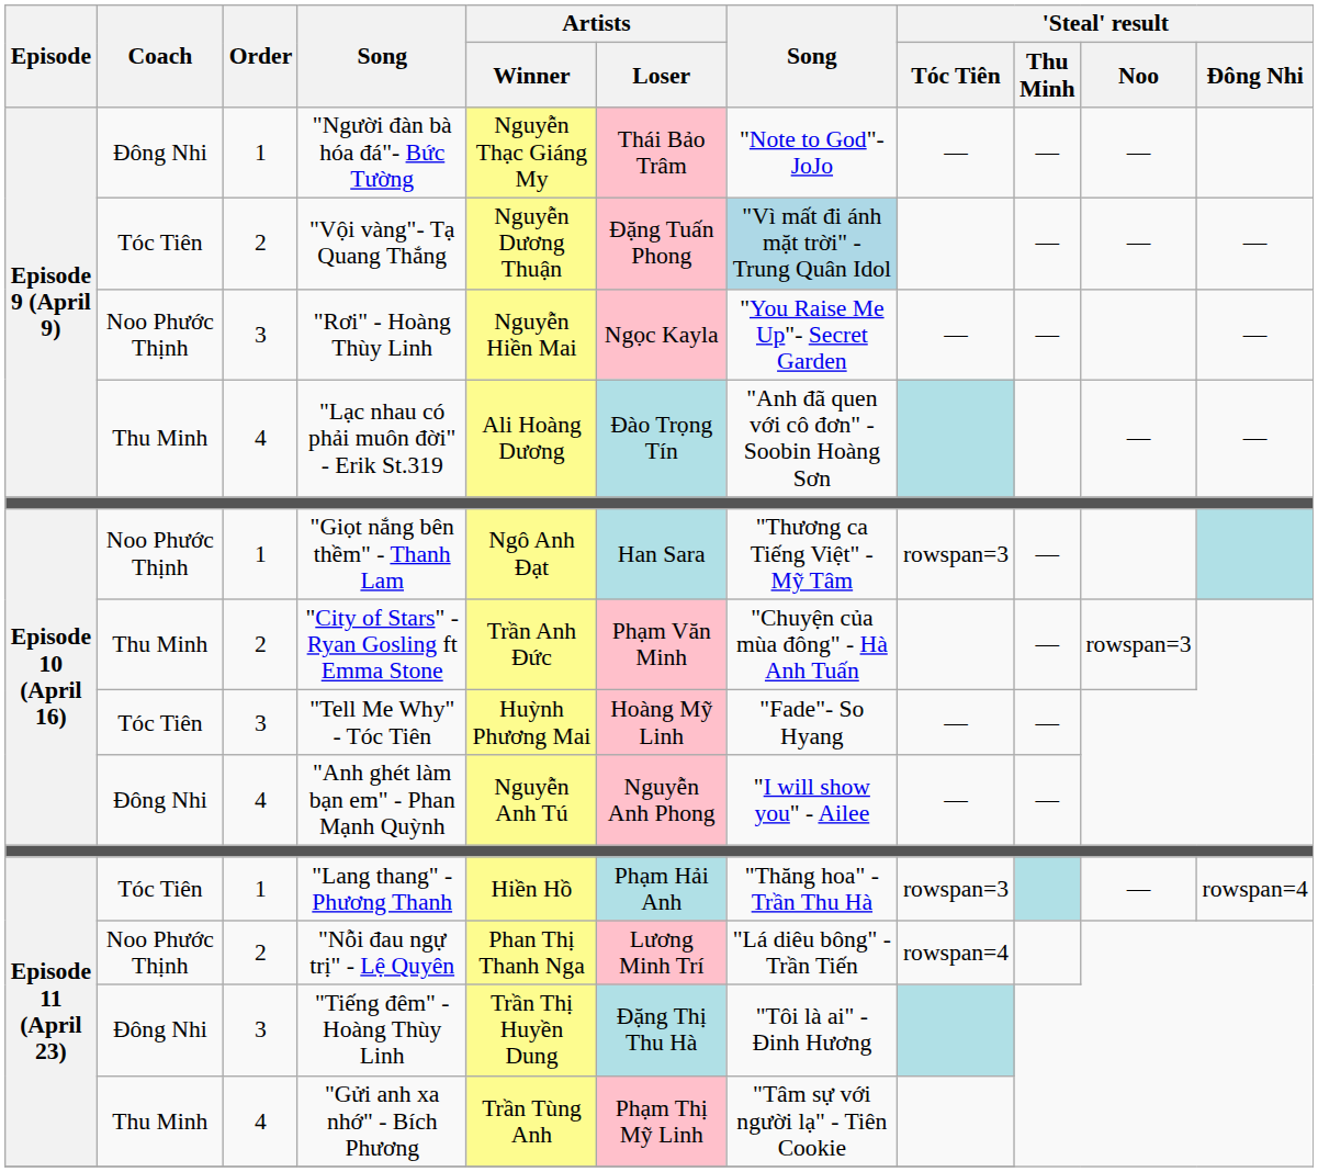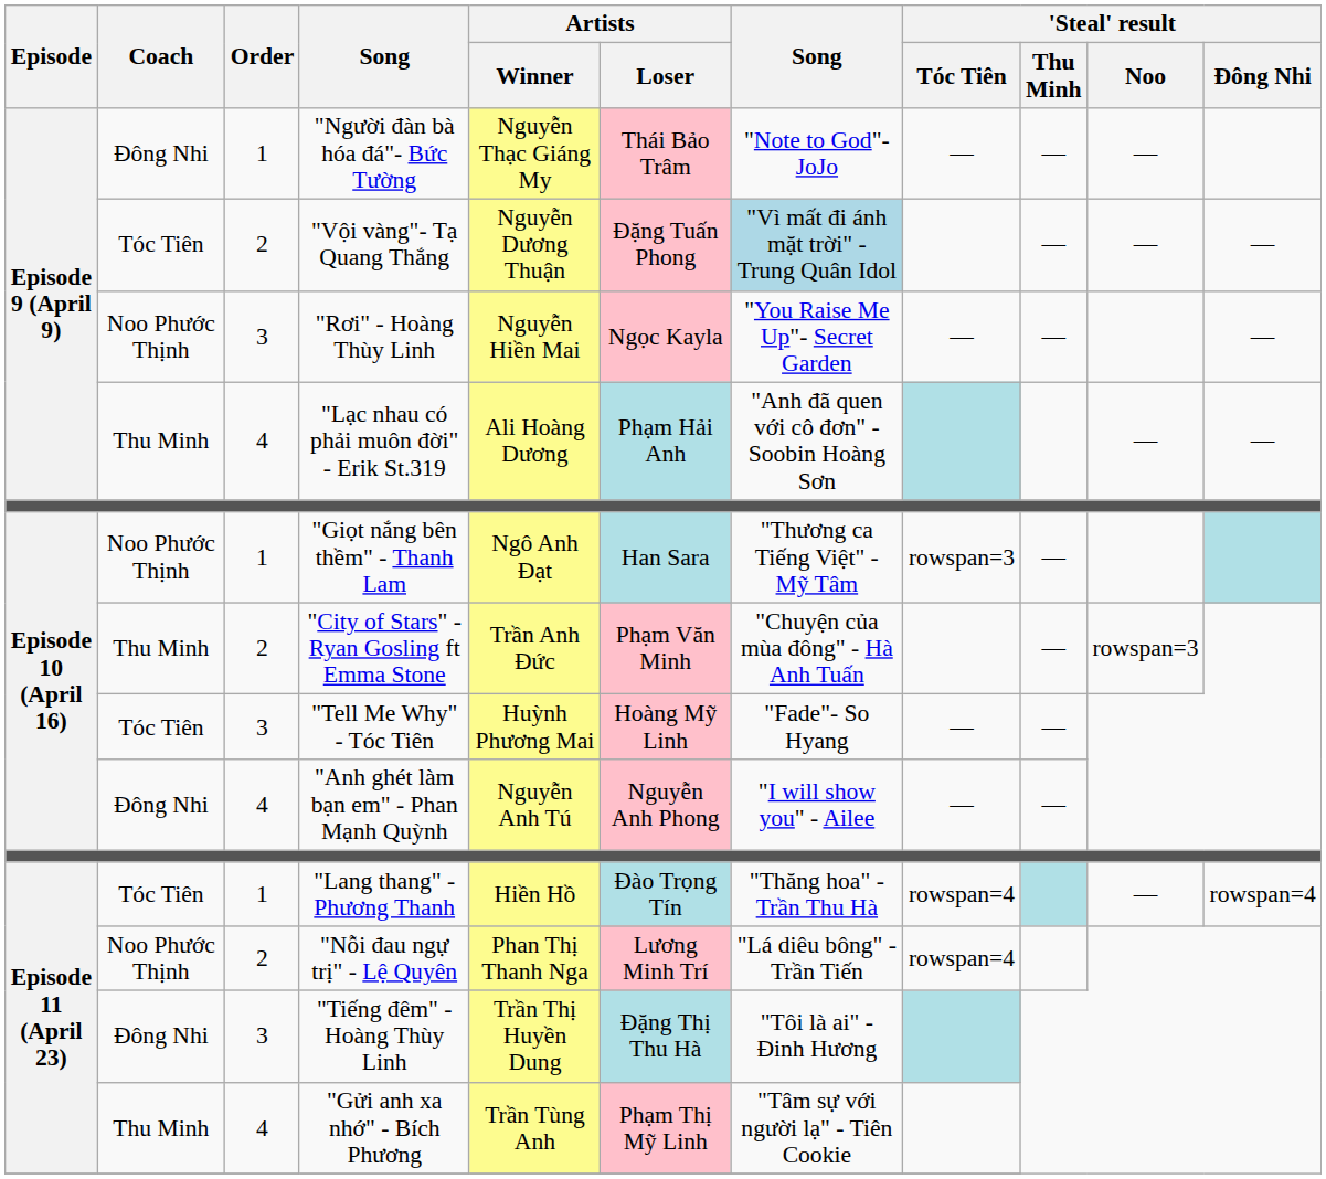 <table class="wikitable" style="text-align: center; width:100%;">
 <tr>
 <th rowspan="2" style="width:07%;">Episode</th>
 <th rowspan="2" width="11%">Coach</th>
 <th rowspan="2" width="03%">Order</th>
 <th rowspan="2" width="15%">Song</th>
 <th colspan="2" width="22%">Artists</th>
 <th rowspan="2" width="15%">Song</th>
 <th colspan="4" width="20%">'Steal' result</th>
 </tr>
 <tr>
 <th width="11%">Winner</th>
 <th width="11%">Loser</th>
 <th width="05%">Tóc Tiên</th>
 <th width="05%">Thu Minh</th>
 <th width="05%">Noo</th>
 <th width="05%">Đông Nhi</th>
 </tr>
 <tr>
 <th rowspan="4">Episode 9 (April 9)</th>
 <td>Đông Nhi</td>
 <td>1</td>
 <td>"Người đàn bà hóa đá"- <a href='#'>Bức Tường</a></td>
 <td style="background:#fdfc8f;">Nguyễn Thạc Giáng My</td>
 <td style="background:pink;">Thái Bảo Trâm</td>
 <td>"<a href='#'>Note to God</a>"- <a href='#'>JoJo</a></td>
 <td>—</td>
 <td>—</td>
 <td>—</td>
 <td></td>
 </tr>
 <tr>
 <td>Tóc Tiên</td>
 <td>2</td>
 <td>"Vội vàng"- Tạ Quang Thắng</td>
 <td style="background:#fdfc8f;">Nguyễn Dương Thuận</td>
 <td style="background:pink;">Đặng Tuấn Phong</td>
 <td style="background: lightblue;">"Vì mất đi ánh mặt trời" - Trung Quân Idol</td>
 <td></td>
 <td>—</td>
 <td>—</td>
 <td>—</td>
 </tr>
 <tr>
 <td>Noo Phước Thịnh</td>
 <td>3</td>
 <td>"Rơi" - Hoàng Thùy Linh</td>
 <td style="background:#fdfc8f;">Nguyễn Hiền Mai</td>
 <td style="background:pink;">Ngọc Kayla</td>
 <td>"<a href='#'>You Raise Me Up</a>"- <a href='#'>Secret Garden</a></td>
 <td>—</td>
 <td>—</td>
 <td></td>
 <td>—</td>
 </tr>
 <tr>
 <td>Thu Minh</td>
 <td>4</td>
 <td>"Lạc nhau có phải muôn đời" - Erik St.319</td>
 <td style="background:#fdfc8f;">Ali Hoàng Dương</td>
-<td style="background:#B0E0E6;">Đào Trọng Tín</td>
+<td style="background:#B0E0E6;">Phạm Hải Anh</td>
 <td>"Anh đã quen với cô đơn" - Soobin Hoàng Sơn</td>
 <td style="background:#b0e0e6;text-align:center;"></td>
 <td></td>
 <td>—</td>
 <td>—</td>
 </tr>
 <tr>
 <td colspan="11" style="background:#555;"></td>
 </tr>
 <tr>
 <th rowspan="4">Episode 10 (April 16)</th>
 <td>Noo Phước Thịnh</td>
 <td>1</td>
 <td>"Giọt nắng bên thềm" - <a href='#'>Thanh Lam</a></td>
 <td style="background:#fdfc8f;">Ngô Anh Đạt</td>
 <td style="background:#B0E0E6;">Han Sara</td>
 <td>"Thương ca Tiếng Việt" - <a href='#'>Mỹ Tâm</a></td>
 <td>rowspan=3 </td>
 <td>—</td>
 <td></td>
 <td style="background:#b0e0e6;text-align:center;"></td>
 </tr>
 <tr>
 <td>Thu Minh</td>
 <td>2</td>
 <td>"<a href='#'>City of Stars</a>" - <a href='#'>Ryan Gosling</a> ft <a href='#'>Emma Stone</a></td>
 <td style="background:#fdfc8f;">Trần Anh Đức</td>
 <td style="background:pink;">Phạm Văn Minh</td>
 <td>"Chuyện của mùa đông" - <a href='#'>Hà Anh Tuấn</a></td>
 <td></td>
 <td>—</td>
 <td>rowspan=3 </td>
 </tr>
 <tr>
 <td>Tóc Tiên</td>
 <td>3</td>
 <td>"Tell Me Why" - Tóc Tiên</td>
 <td style="background:#fdfc8f;">Huỳnh Phương Mai</td>
 <td style="background:pink;">Hoàng Mỹ Linh</td>
 <td>"Fade"- So Hyang</td>
 <td>—</td>
 <td>—</td>
 </tr>
 <tr>
 <td>Đông Nhi</td>
 <td>4</td>
 <td>"Anh ghét làm bạn em" - Phan Mạnh Quỳnh</td>
 <td style="background:#fdfc8f;">Nguyễn Anh Tú</td>
 <td style="background:pink;">Nguyễn Anh Phong</td>
 <td>"<a href='#'>I will show you</a>" - <a href='#'>Ailee</a></td>
 <td>—</td>
 <td>—</td>
 </tr>
 <tr>
 <td colspan="11" style="background:#555;"></td>
 </tr>
 <tr>
 <th rowspan="4">Episode 11 (April 23)</th>
 <td>Tóc Tiên</td>
 <td>1</td>
 <td>"Lang thang" - <a href='#'>Phương Thanh</a></td>
 <td style="background:#fdfc8f;">Hiền Hồ</td>
-<td style="background:#B0E0E6;">Phạm Hải Anh</td>
+<td style="background:#B0E0E6;">Đào Trọng Tín</td>
 <td>"Thăng hoa" - <a href='#'>Trần Thu Hà</a></td>
-<td>rowspan=3 </td>
+<td>rowspan=4 </td>
 <td style="background:#b0e0e6;text-align:center;"></td>
 <td>—</td>
 <td>rowspan=4 </td>
 </tr>
 <tr>
 <td>Noo Phước Thịnh</td>
 <td>2</td>
 <td>"Nỗi đau ngự trị" - <a href='#'>Lệ Quyên</a></td>
 <td style="background:#fdfc8f;">Phan Thị Thanh Nga</td>
 <td style="background:pink;">Lương Minh Trí</td>
 <td>"Lá diêu bông" - Trần Tiến</td>
 <td>rowspan=4 </td>
 <td></td>
 </tr>
 <tr>
 <td>Đông Nhi</td>
 <td>3</td>
 <td>"Tiếng đêm" - Hoàng Thùy Linh</td>
 <td style="background:#fdfc8f;">Trần Thị Huyền Dung</td>
 <td style="background:#B0E0E6;">Đặng Thị Thu Hà</td>
 <td>"Tôi là ai" - Đinh Hương</td>
 <td style="background:#b0e0e6;text-align:center;"></td>
 </tr>
 <tr>
 <td>Thu Minh</td>
 <td>4</td>
 <td>"Gửi anh xa nhớ" - Bích Phương</td>
 <td style="background:#fdfc8f;">Trần Tùng Anh</td>
 <td style="background:pink;">Phạm Thị Mỹ Linh</td>
 <td>"Tâm sự với người lạ" - Tiên Cookie</td>
 <td></td>
 </tr>
 <tr>
 </tr>
 </table>
